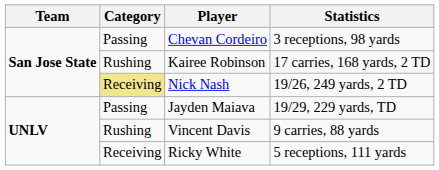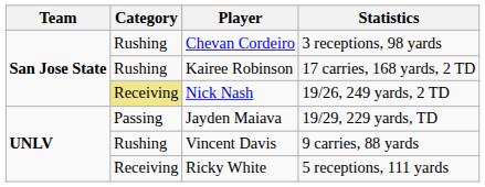 <table class="wikitable" style="float: right;">
 <tr>
 <th>Team</th>
 <th>Category</th>
 <th>Player</th>
 <th>Statistics</th>
 </tr>
 <tr>
 <td rowspan=3><strong>San Jose State</strong></td>
-<td>Passing</td>
+<td>Rushing</td>
 <td><a href='#'>Chevan Cordeiro</a></td>
 <td>3 receptions, 98 yards</td>
 </tr>
 <tr>
 <td>Rushing</td>
 <td>Kairee Robinson</td>
 <td>17 carries, 168 yards, 2 TD</td>
 </tr>
 <tr>
 <td style="background: khaki;">Receiving</td>
 <td><a href='#'>Nick Nash</a></td>
 <td>19/26, 249 yards, 2 TD</td>
 </tr>
 <tr>
 <td rowspan=3><strong>UNLV</strong></td>
 <td>Passing</td>
 <td>Jayden Maiava</td>
 <td>19/29, 229 yards, TD</td>
 </tr>
 <tr>
 <td>Rushing</td>
 <td>Vincent Davis</td>
 <td>9 carries, 88 yards</td>
 </tr>
 <tr>
 <td>Receiving</td>
 <td>Ricky White</td>
 <td>5 receptions, 111 yards</td>
 </tr>
 </table>
